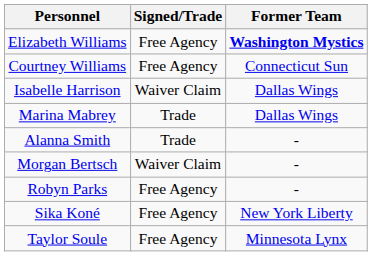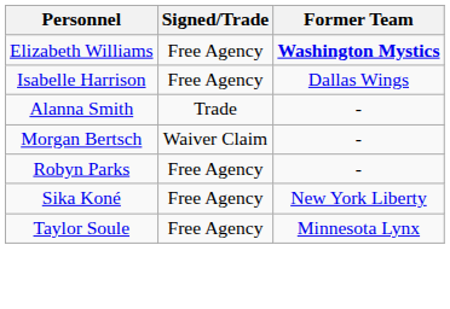 <table class="wikitable" style="text-align: center">
 <tr align="center" bgcolor="#dddddd">
 <th><strong>Personnel</strong></th>
 <th><strong>Signed/Trade</strong></th>
 <th><strong>Former Team</strong></th>
 </tr>
 <tr>
 <td><a href='#'>Elizabeth Williams</a></td>
 <td>Free Agency</td>
 <td><strong><a href='#'>Washington Mystics</a></strong></td>
 </tr>
 <tr>
-<td><a href='#'>Courtney Williams</a></td>
+<td><a href='#'>Isabelle Harrison</a></td>
 <td>Free Agency</td>
-<td><a href='#'>Connecticut Sun</a></td>
-</tr>
-<tr>
-<td><a href='#'>Isabelle Harrison</a></td>
-<td>Waiver Claim</td>
-<td><a href='#'>Dallas Wings</a></td>
-</tr>
-<tr>
-<td><a href='#'>Marina Mabrey</a></td>
-<td>Trade</td>
 <td><a href='#'>Dallas Wings</a></td>
 </tr>
 <tr>
 <td><a href='#'>Alanna Smith</a></td>
 <td>Trade</td>
 <td>-</td>
 </tr>
 <tr>
 <td><a href='#'>Morgan Bertsch</a></td>
 <td>Waiver Claim</td>
 <td>-</td>
 </tr>
 <tr>
 <td><a href='#'>Robyn Parks</a></td>
 <td>Free Agency</td>
 <td>-</td>
 </tr>
 <tr>
 <td><a href='#'>Sika Koné</a></td>
 <td>Free Agency</td>
 <td><a href='#'>New York Liberty</a></td>
 </tr>
 <tr>
 <td><a href='#'>Taylor Soule</a></td>
 <td>Free Agency</td>
 <td><a href='#'>Minnesota Lynx</a></td>
 </tr>
 </table>
